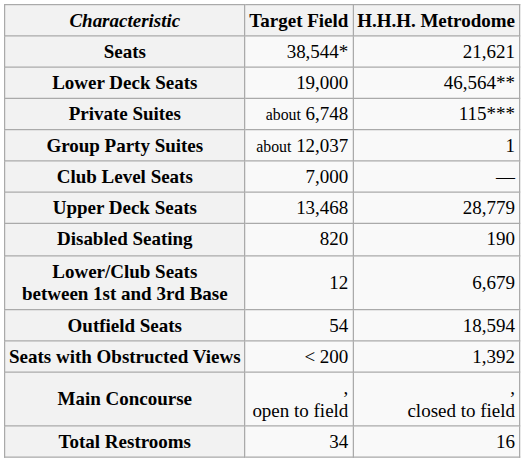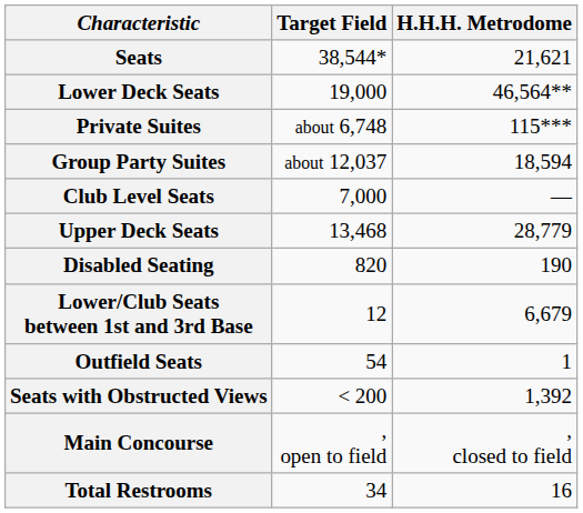 <table class="wikitable" style="font-size: 95%; text-align:right;" style="text-align:center">
 <tr>
 <th><strong><em>Characteristic</em></strong></th>
 <th>Target Field</th>
 <th>H.H.H. Metrodome</th>
 </tr>
 <tr>
 <th>Seats</th>
 <td>38,544*</td>
 <td>21,621</td>
 </tr>
 <tr>
 <th>Lower Deck Seats</th>
 <td>19,000</td>
 <td>46,564**</td>
 </tr>
 <tr>
 <th>Private Suites</th>
 <td><small>about</small> 6,748</td>
 <td>115***</td>
 </tr>
 <tr>
 <th>Group Party Suites</th>
 <td><small>about</small> 12,037</td>
-<td>1</td>
+<td>18,594</td>
 </tr>
 <tr>
 <th>Club Level Seats</th>
 <td>7,000</td>
 <td>—</td>
 </tr>
 <tr>
 <th>Upper Deck Seats</th>
 <td>13,468</td>
 <td>28,779</td>
 </tr>
 <tr>
 <th>Disabled Seating</th>
 <td>820</td>
 <td>190</td>
 </tr>
 <tr>
 <th>Lower/Club Seats<br> between 1st and 3rd Base</th>
 <td>12</td>
 <td>6,679</td>
 </tr>
 <tr>
 <th>Outfield Seats</th>
 <td>54</td>
-<td>18,594</td>
+<td>1</td>
 </tr>
 <tr>
 <th>Seats with Obstructed Views</th>
 <td>< 200</td>
 <td>1,392</td>
 </tr>
 <tr>
 <th>Main Concourse</th>
 <td>,<br> open to field</td>
 <td>,<br>closed to field</td>
 </tr>
 <tr>
 <th>Total Restrooms</th>
 <td>34</td>
 <td>16</td>
 </tr>
 </table>
